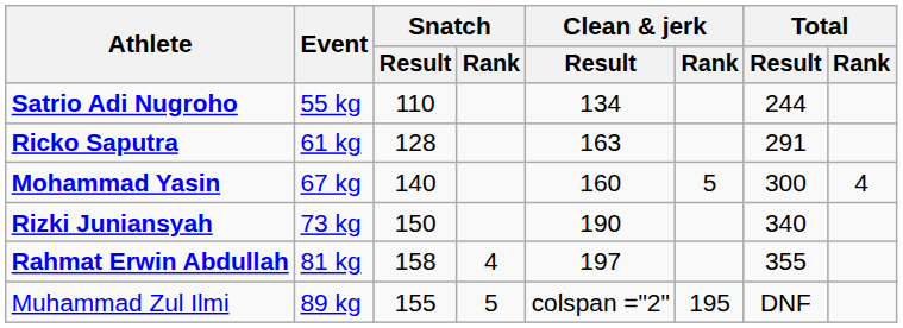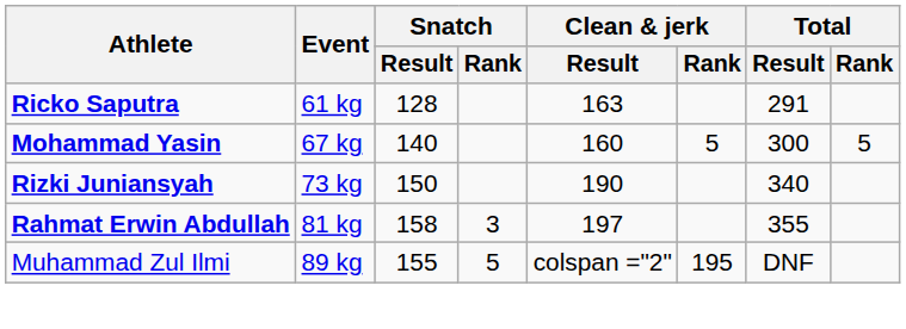 <table class=wikitable style=font-size:88%;text-align:center>
 <tr>
 <th rowspan=2>Athlete</th>
 <th rowspan=2>Event</th>
 <th colspan=2>Snatch</th>
 <th colspan=2>Clean & jerk</th>
 <th colspan=2>Total</th>
 </tr>
 <tr style=font-size:95%>
 <th>Result</th>
 <th>Rank</th>
 <th>Result</th>
 <th>Rank</th>
 <th>Result</th>
 <th>Rank</th>
-</tr>
-<tr>
-<td align=left><strong><a href='#'>Satrio Adi Nugroho</a></strong></td>
-<td align=left><a href='#'>55 kg</a></td>
-<td>110</td>
-<td></td>
-<td>134</td>
-<td></td>
-<td>244</td>
-<td></td>
 </tr>
 <tr>
 <td align=left><strong><a href='#'>Ricko Saputra</a></strong></td>
 <td align=left><a href='#'>61 kg</a></td>
 <td>128</td>
 <td></td>
 <td>163</td>
 <td></td>
 <td>291</td>
 <td></td>
 </tr>
 <tr>
 <td align=left><strong><a href='#'>Mohammad Yasin</a></strong></td>
 <td align=left><a href='#'>67 kg</a></td>
 <td>140</td>
 <td></td>
 <td>160</td>
 <td>5</td>
 <td>300</td>
-<td>4</td>
+<td>5</td>
 </tr>
 <tr>
 <td align=left><strong><a href='#'>Rizki Juniansyah</a></strong></td>
 <td align=left><a href='#'>73 kg</a></td>
 <td>150</td>
 <td></td>
 <td>190</td>
 <td></td>
 <td>340</td>
 <td></td>
 </tr>
 <tr>
 <td align=left><strong><a href='#'>Rahmat Erwin Abdullah</a></strong></td>
 <td align=left><a href='#'>81 kg</a></td>
 <td>158</td>
-<td>4</td>
+<td>3</td>
 <td>197</td>
 <td></td>
 <td>355</td>
 <td></td>
 </tr>
 <tr>
 <td align=left><a href='#'>Muhammad Zul Ilmi</a></td>
 <td align=left><a href='#'>89 kg</a></td>
 <td>155</td>
 <td>5</td>
 <td>colspan ="2" </td>
 <td>195</td>
 <td>DNF</td>
 </tr>
 </table>
